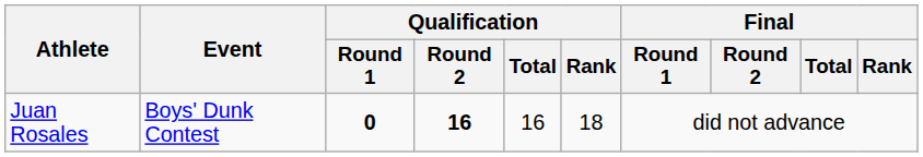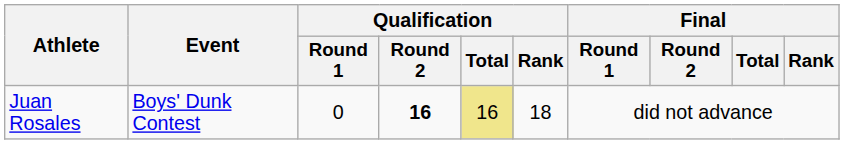 <table class="wikitable" style="font-size:90%;">
 <tr>
 <th rowspan=2>Athlete</th>
 <th rowspan=2>Event</th>
 <th colspan=4>Qualification</th>
 <th colspan=4>Final</th>
 </tr>
 <tr style="font-size:95%">
 <th>Round 1</th>
 <th>Round 2</th>
 <th>Total</th>
 <th>Rank</th>
 <th>Round 1</th>
 <th>Round 2</th>
 <th>Total</th>
 <th>Rank</th>
 </tr>
 <tr align=center>
 <td align=left><a href='#'>Juan Rosales</a></td>
 <td align=left><a href='#'>Boys' Dunk Contest</a></td>
-<td><strong>0</strong></td>
+<td>0</td>
 <td><strong>16</strong></td>
-<td>16</td>
+<td style="background: khaki;">16</td>
 <td>18</td>
 <td colspan=4>did not advance</td>
 </tr>
 </table>
